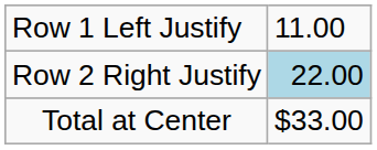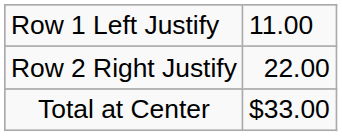 <table class="wikitable">
 <tr style="text-align: left;">
 <td>Row 1 Left Justify</td>
 <td>11.00</td>
 </tr>
 <tr style="text-align: right;">
 <td> Row 2 Right Justify</td>
-<td style="background: lightblue;"> 22.00<br></td>
+<td> 22.00<br></td>
 </tr>
 <tr style="text-align: center;">
 <td>Total at Center</td>
 <td>$33.00</td>
 </tr>
 </table>
